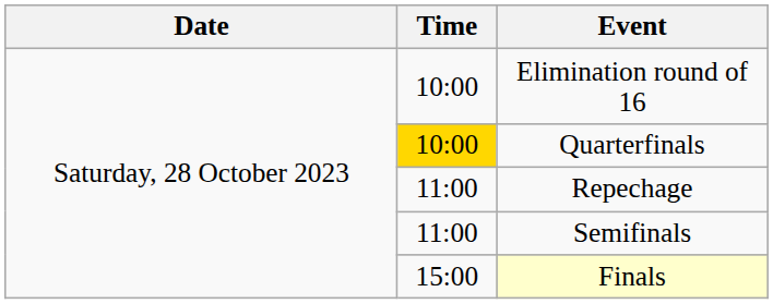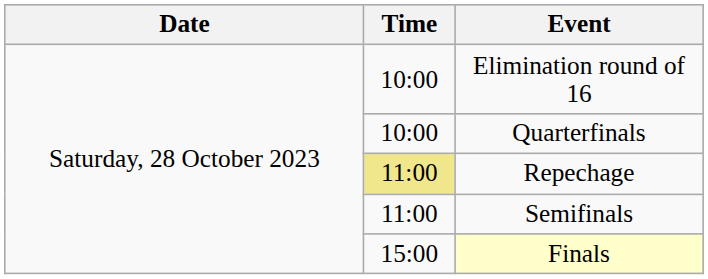 <table class = "wikitable" style="text-align:center;">
 <tr>
 <th width=220>Date</th>
 <th width=50>Time</th>
 <th width=150>Event</th>
 </tr>
 <tr>
 <td rowspan=5>Saturday, 28 October 2023</td>
 <td>10:00</td>
 <td>Elimination round of 16</td>
 </tr>
 <tr>
-<td style="background: gold;">10:00</td>
+<td>10:00</td>
 <td>Quarterfinals</td>
 </tr>
 <tr>
-<td>11:00</td>
+<td style="background: khaki;">11:00</td>
 <td>Repechage</td>
 </tr>
 <tr>
 <td>11:00</td>
 <td>Semifinals</td>
 </tr>
 <tr>
 <td>15:00</td>
 <td bgcolor=ffffcc>Finals</td>
 </tr>
 </table>
